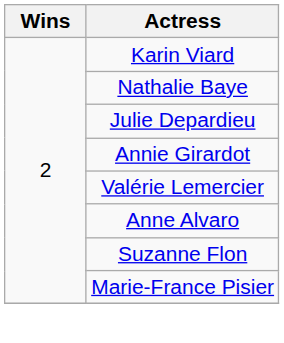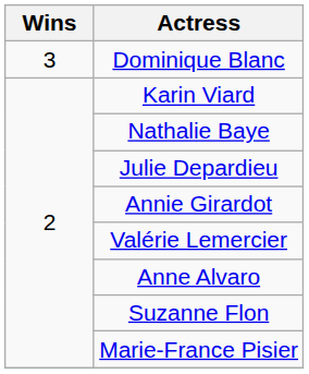 <table class="wikitable" style="text-align: center">
 <tr>
 <th scope="col" width="55">Wins</th>
 <th scope="col">Actress</th>
+</tr>
+<tr>
+<td align="center">3</td>
+<td><a href='#'>Dominique Blanc</a></td>
 </tr>
 <tr>
 <td rowspan="8" align="center">2</td>
 <td><a href='#'>Karin Viard</a></td>
 </tr>
 <tr>
 <td><a href='#'>Nathalie Baye</a></td>
 </tr>
 <tr>
 <td><a href='#'>Julie Depardieu</a></td>
 </tr>
 <tr>
 <td><a href='#'>Annie Girardot</a></td>
 </tr>
 <tr>
 <td><a href='#'>Valérie Lemercier</a></td>
 </tr>
 <tr>
 <td><a href='#'>Anne Alvaro</a></td>
 </tr>
 <tr>
 <td><a href='#'>Suzanne Flon</a></td>
 </tr>
 <tr>
 <td><a href='#'>Marie-France Pisier</a></td>
 </tr>
 <tr>
 </tr>
 </table>
